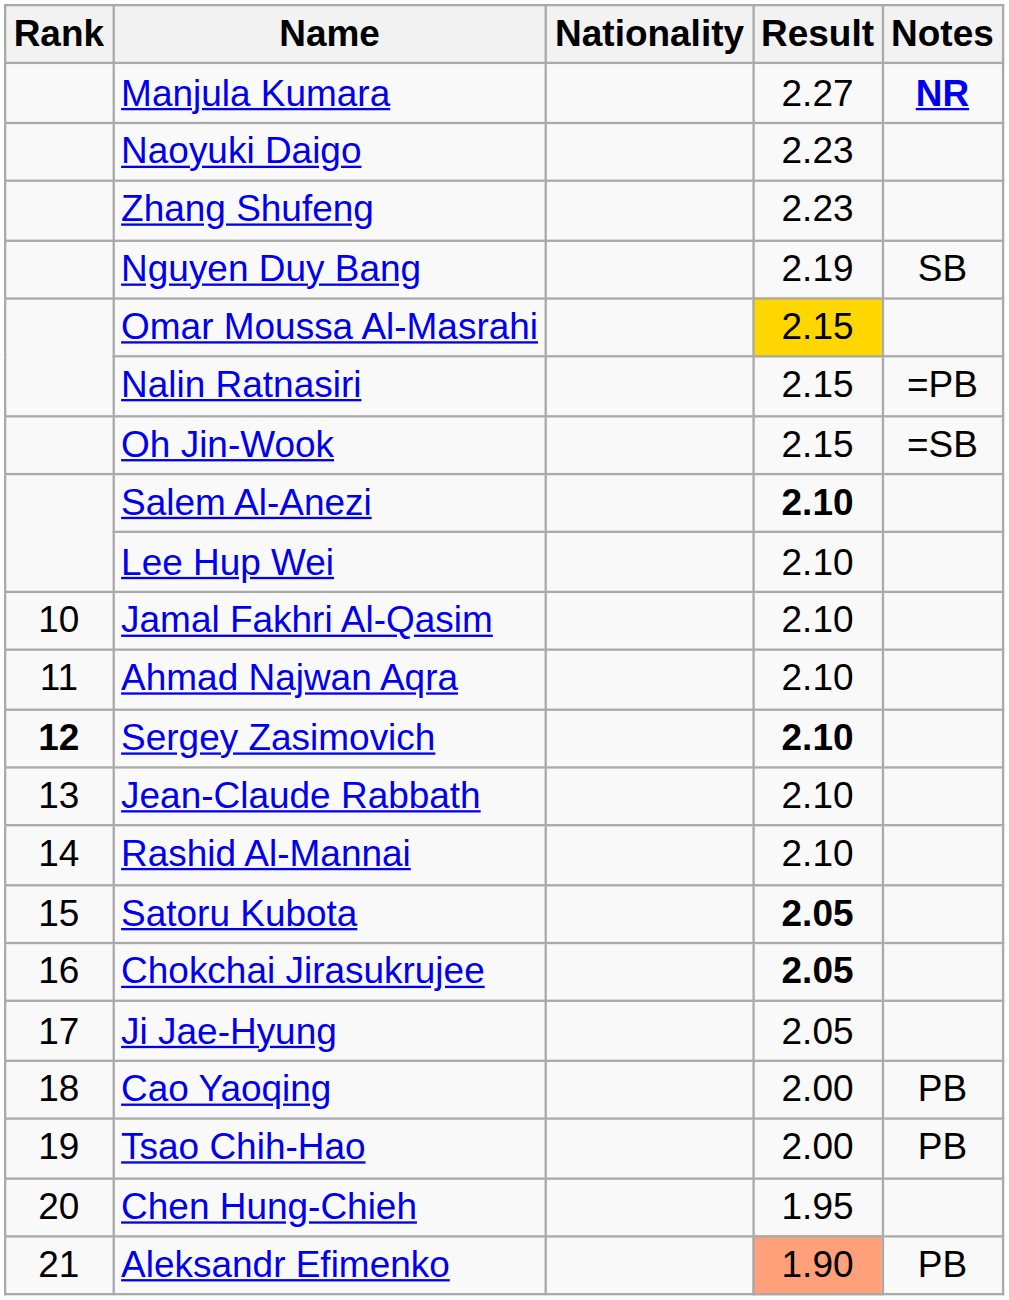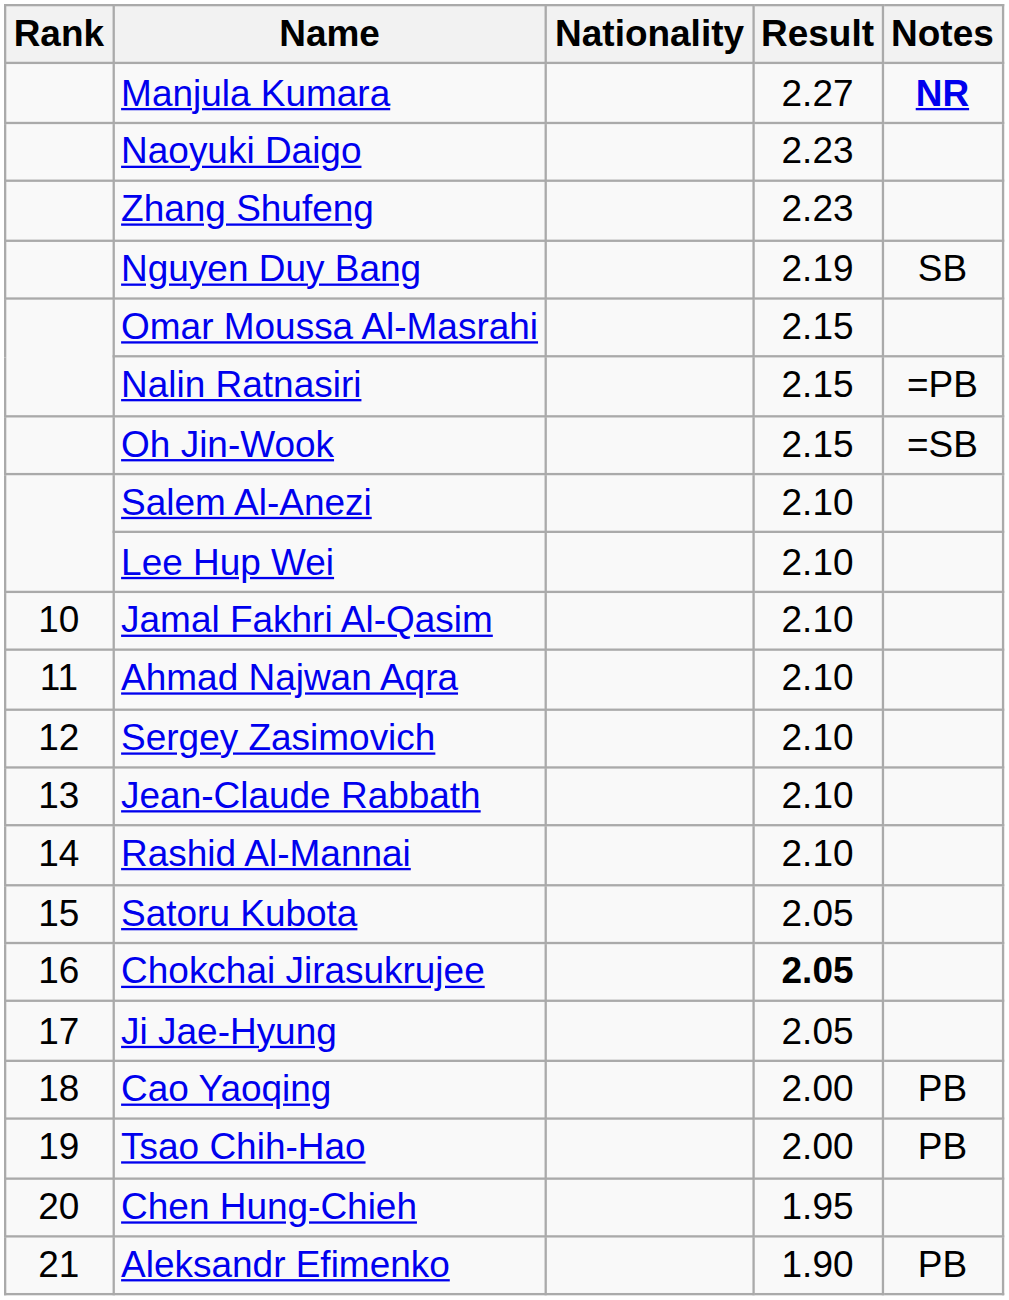 <table class="wikitable sortable" style="text-align:center">
 <tr>
 <th>Rank</th>
 <th>Name</th>
 <th>Nationality</th>
 <th>Result</th>
 <th>Notes</th>
 </tr>
 <tr>
 <td></td>
 <td align=left><a href='#'>Manjula Kumara</a></td>
 <td align=left></td>
 <td>2.27</td>
 <td><strong><a href='#'>NR</a></strong></td>
 </tr>
 <tr>
 <td></td>
 <td align=left><a href='#'>Naoyuki Daigo</a></td>
 <td align=left></td>
 <td>2.23</td>
 <td></td>
 </tr>
 <tr>
 <td></td>
 <td align=left><a href='#'>Zhang Shufeng</a></td>
 <td align=left></td>
 <td>2.23</td>
 <td></td>
 </tr>
 <tr>
 <td></td>
 <td align=left><a href='#'>Nguyen Duy Bang</a></td>
 <td align=left></td>
 <td>2.19</td>
 <td>SB</td>
 </tr>
 <tr>
 <td rowspan=2></td>
 <td align=left><a href='#'>Omar Moussa Al-Masrahi</a></td>
 <td align=left></td>
-<td style="background: gold;">2.15</td>
+<td>2.15</td>
 <td></td>
 </tr>
 <tr>
 <td align=left><a href='#'>Nalin Ratnasiri</a></td>
 <td align=left></td>
 <td>2.15</td>
 <td>=PB</td>
 </tr>
 <tr>
 <td></td>
 <td align=left><a href='#'>Oh Jin-Wook</a></td>
 <td align=left></td>
 <td>2.15</td>
 <td>=SB</td>
 </tr>
 <tr>
 <td rowspan=2></td>
 <td align=left><a href='#'>Salem Al-Anezi</a></td>
 <td align=left></td>
-<td><strong>2.10</strong></td>
+<td>2.10</td>
 <td></td>
 </tr>
 <tr>
 <td align=left><a href='#'>Lee Hup Wei</a></td>
 <td align=left></td>
 <td>2.10</td>
 <td></td>
 </tr>
 <tr>
 <td>10</td>
 <td align=left><a href='#'>Jamal Fakhri Al-Qasim</a></td>
 <td align=left></td>
 <td>2.10</td>
 <td></td>
 </tr>
 <tr>
 <td>11</td>
 <td align=left><a href='#'>Ahmad Najwan Aqra</a></td>
 <td align=left></td>
 <td>2.10</td>
 <td></td>
 </tr>
 <tr>
-<td><strong>12</strong></td>
+<td>12</td>
 <td align=left><a href='#'>Sergey Zasimovich</a></td>
 <td align=left></td>
-<td><strong>2.10</strong></td>
+<td>2.10</td>
 <td></td>
 </tr>
 <tr>
 <td>13</td>
 <td align=left><a href='#'>Jean-Claude Rabbath</a></td>
 <td align=left></td>
 <td>2.10</td>
 <td></td>
 </tr>
 <tr>
 <td>14</td>
 <td align=left><a href='#'>Rashid Al-Mannai</a></td>
 <td align=left></td>
 <td>2.10</td>
 <td></td>
 </tr>
 <tr>
 <td>15</td>
 <td align=left><a href='#'>Satoru Kubota</a></td>
 <td align=left></td>
-<td><strong>2.05</strong></td>
+<td>2.05</td>
 <td></td>
 </tr>
 <tr>
 <td>16</td>
 <td align=left><a href='#'>Chokchai Jirasukrujee</a></td>
 <td align=left></td>
 <td><strong>2.05</strong></td>
 <td></td>
 </tr>
 <tr>
 <td>17</td>
 <td align=left><a href='#'>Ji Jae-Hyung</a></td>
 <td align=left></td>
 <td>2.05</td>
 <td></td>
 </tr>
 <tr>
 <td>18</td>
 <td align=left><a href='#'>Cao Yaoqing</a></td>
 <td align=left></td>
 <td>2.00</td>
 <td>PB</td>
 </tr>
 <tr>
 <td>19</td>
 <td align=left><a href='#'>Tsao Chih-Hao</a></td>
 <td align=left></td>
 <td>2.00</td>
 <td>PB</td>
 </tr>
 <tr>
 <td>20</td>
 <td align=left><a href='#'>Chen Hung-Chieh</a></td>
 <td align=left></td>
 <td>1.95</td>
 <td></td>
 </tr>
 <tr>
 <td>21</td>
 <td align=left><a href='#'>Aleksandr Efimenko</a></td>
 <td align=left></td>
-<td style="background: lightsalmon;">1.90</td>
+<td>1.90</td>
 <td>PB</td>
 </tr>
 </table>
